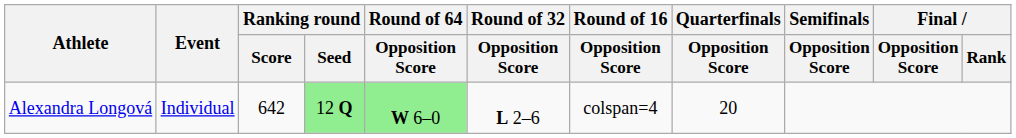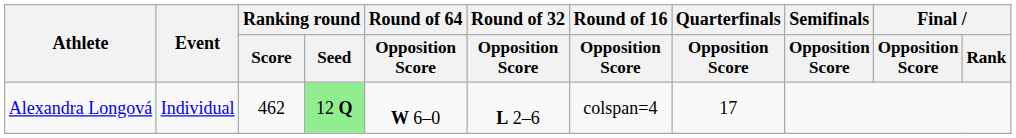 <table class="wikitable" style="font-size:90%">
 <tr>
 <th rowspan="2">Athlete</th>
 <th rowspan="2">Event</th>
 <th colspan="2">Ranking round</th>
 <th>Round of 64</th>
 <th>Round of 32</th>
 <th>Round of 16</th>
 <th>Quarterfinals</th>
 <th>Semifinals</th>
 <th colspan="2">Final / </th>
 </tr>
 <tr style="font-size:95%">
 <th>Score</th>
 <th>Seed</th>
 <th>Opposition<br>Score</th>
 <th>Opposition<br>Score</th>
 <th>Opposition<br>Score</th>
 <th>Opposition<br>Score</th>
 <th>Opposition<br>Score</th>
 <th>Opposition<br>Score</th>
 <th>Rank</th>
 </tr>
 <tr align=center>
 <td align=left><a href='#'>Alexandra Longová</a></td>
 <td align=left rowspan=3><a href='#'>Individual</a></td>
-<td>642</td>
+<td>462</td>
 <td style="background: lightgreen;">12 <strong>Q</strong></td>
-<td style="background: lightgreen;"><br> <strong>W</strong> 6–0</td>
+<td><br> <strong>W</strong> 6–0</td>
 <td><br> <strong>L</strong> 2–6</td>
 <td>colspan=4 </td>
-<td>20</td>
+<td>17</td>
 </tr>
 </table>
